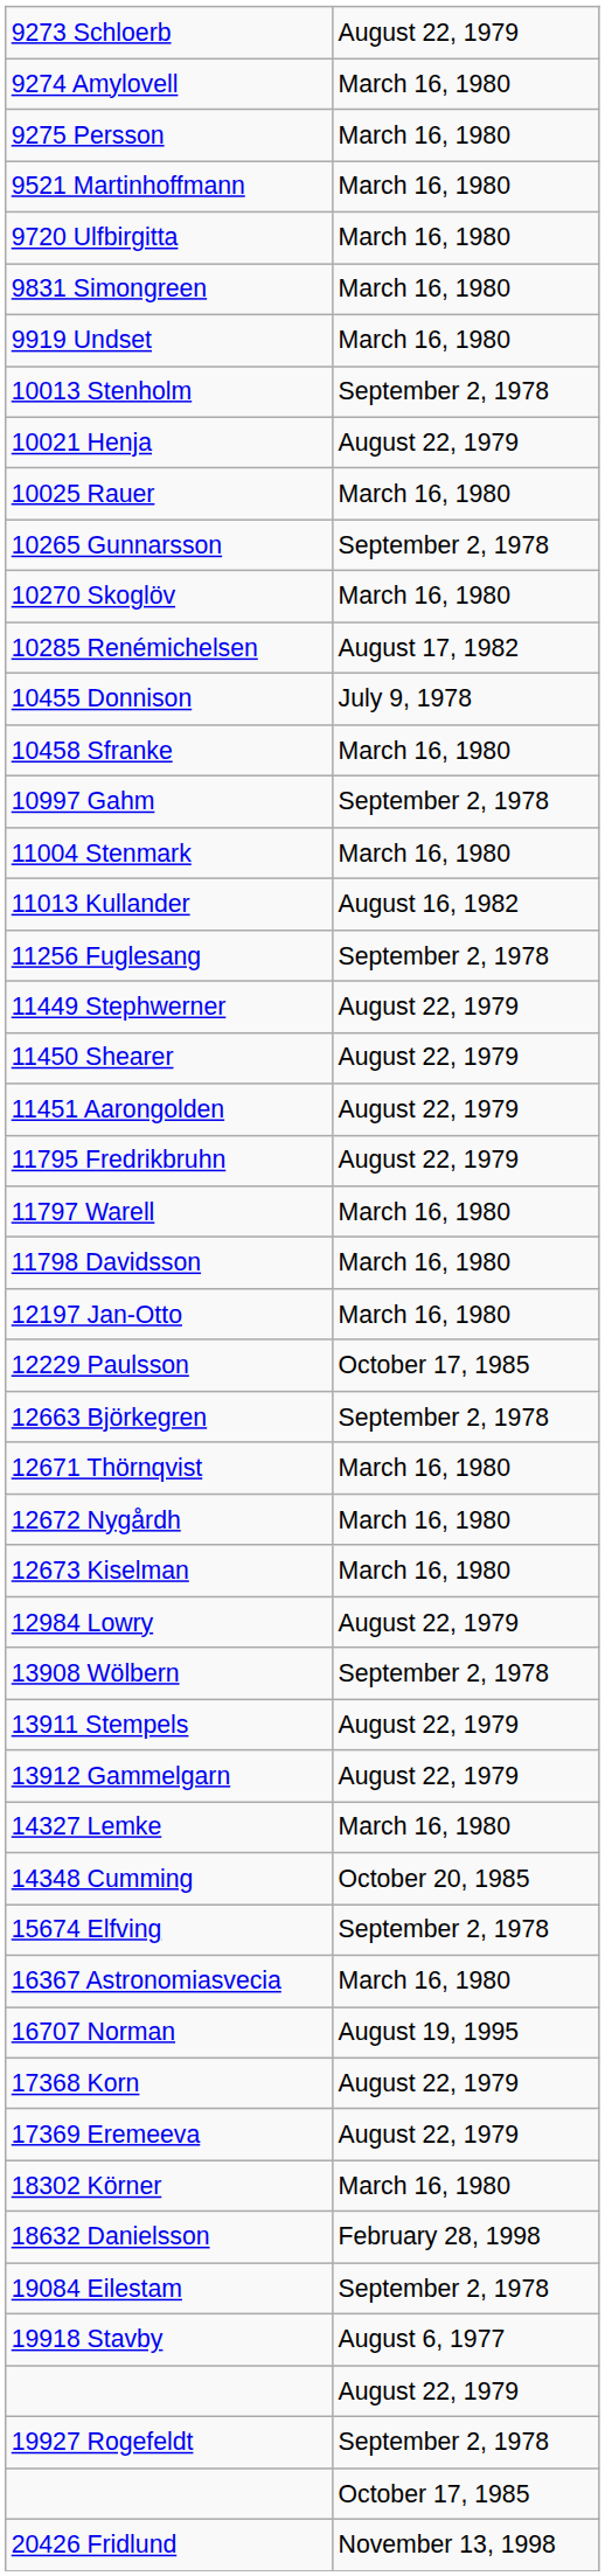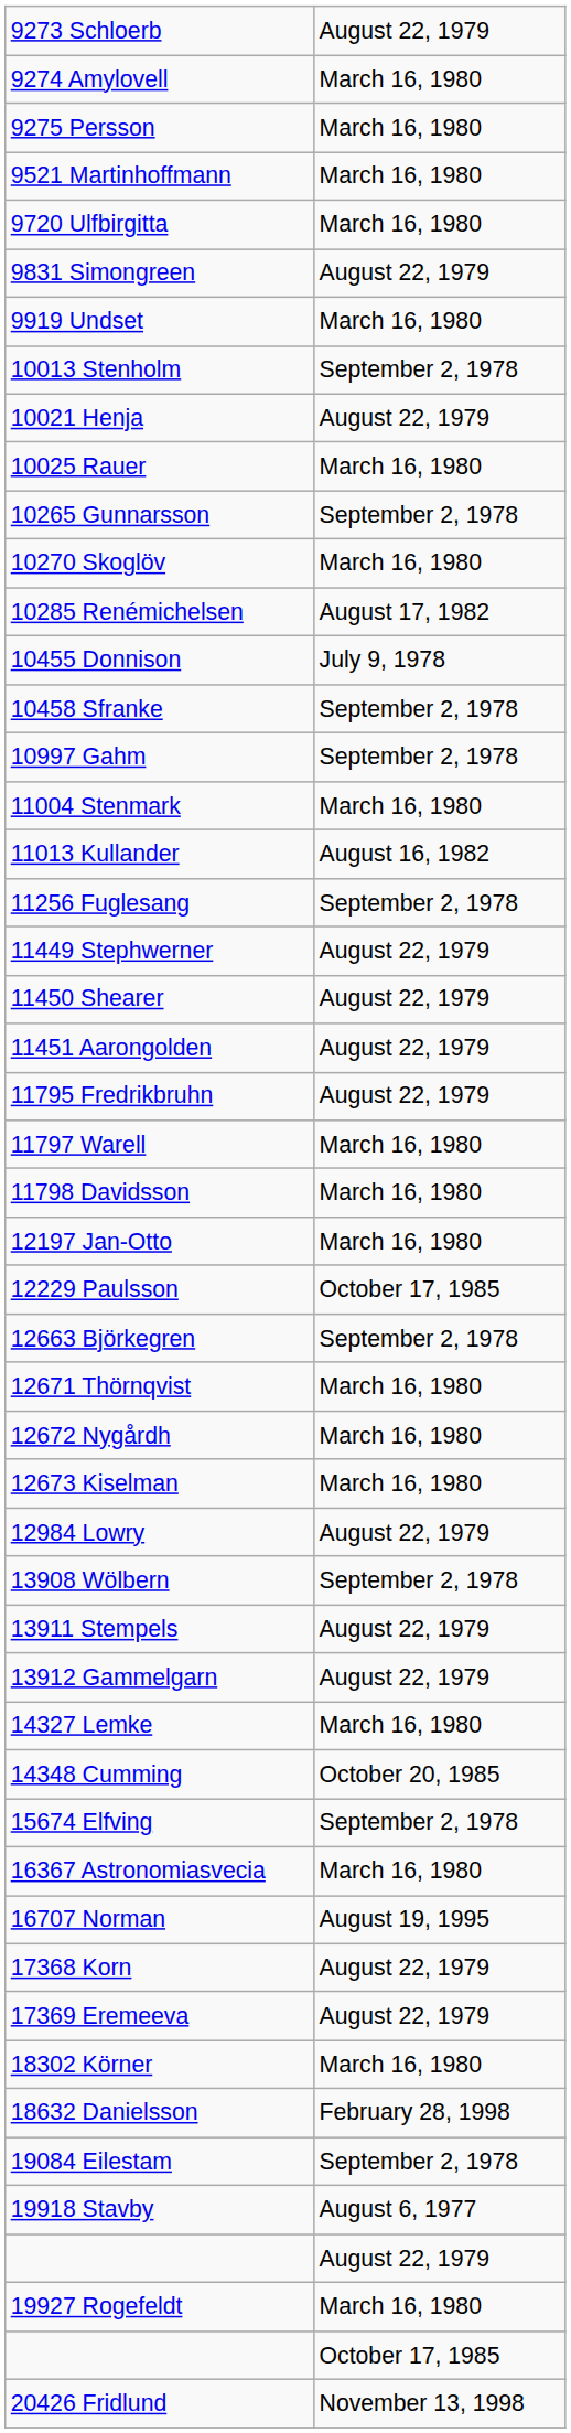 <table class="wikitable" style="font-size: 89%; float: left; width: 24em; margin-right: 1em; line-height: 1.6em !important; height: 1250px;">
 <tr>
 <td><a href='#'>9273 Schloerb</a></td>
 <td>August 22, 1979</td>
 </tr>
 <tr>
 <td><a href='#'>9274 Amylovell</a></td>
 <td>March 16, 1980</td>
 </tr>
 <tr>
 <td><a href='#'>9275 Persson</a></td>
 <td>March 16, 1980</td>
 </tr>
 <tr>
 <td><a href='#'>9521 Martinhoffmann</a></td>
 <td>March 16, 1980</td>
 </tr>
 <tr>
 <td><a href='#'>9720 Ulfbirgitta</a></td>
 <td>March 16, 1980</td>
 </tr>
 <tr>
 <td><a href='#'>9831 Simongreen</a></td>
-<td>March 16, 1980</td>
+<td>August 22, 1979</td>
 </tr>
 <tr>
 <td><a href='#'>9919 Undset</a></td>
 <td>March 16, 1980</td>
 </tr>
 <tr>
 <td><a href='#'>10013 Stenholm</a></td>
 <td>September 2, 1978</td>
 </tr>
 <tr>
 <td><a href='#'>10021 Henja</a></td>
 <td>August 22, 1979</td>
 </tr>
 <tr>
 <td><a href='#'>10025 Rauer</a></td>
 <td>March 16, 1980</td>
 </tr>
 <tr>
 <td><a href='#'>10265 Gunnarsson</a></td>
 <td>September 2, 1978</td>
 </tr>
 <tr>
 <td><a href='#'>10270 Skoglöv</a></td>
 <td>March 16, 1980</td>
 </tr>
 <tr>
 <td><a href='#'>10285 Renémichelsen</a></td>
 <td>August 17, 1982</td>
 </tr>
 <tr>
 <td><a href='#'>10455 Donnison</a></td>
 <td>July 9, 1978</td>
 </tr>
 <tr>
 <td><a href='#'>10458 Sfranke</a></td>
-<td>March 16, 1980</td>
+<td>September 2, 1978</td>
 </tr>
 <tr>
 <td><a href='#'>10997 Gahm</a></td>
 <td>September 2, 1978</td>
 </tr>
 <tr>
 <td><a href='#'>11004 Stenmark</a></td>
 <td>March 16, 1980</td>
 </tr>
 <tr>
 <td><a href='#'>11013 Kullander</a></td>
 <td>August 16, 1982</td>
 </tr>
 <tr>
 <td><a href='#'>11256 Fuglesang</a></td>
 <td>September 2, 1978</td>
 </tr>
 <tr>
 <td><a href='#'>11449 Stephwerner</a></td>
 <td>August 22, 1979</td>
 </tr>
 <tr>
 <td><a href='#'>11450 Shearer</a></td>
 <td>August 22, 1979</td>
 </tr>
 <tr>
 <td><a href='#'>11451 Aarongolden</a></td>
 <td>August 22, 1979</td>
 </tr>
 <tr>
 <td><a href='#'>11795 Fredrikbruhn</a></td>
 <td>August 22, 1979</td>
 </tr>
 <tr>
 <td><a href='#'>11797 Warell</a></td>
 <td>March 16, 1980</td>
 </tr>
 <tr>
 <td><a href='#'>11798 Davidsson</a></td>
 <td>March 16, 1980</td>
 </tr>
 <tr>
 <td><a href='#'>12197 Jan-Otto</a></td>
 <td>March 16, 1980</td>
 </tr>
 <tr>
 <td><a href='#'>12229 Paulsson</a></td>
 <td>October 17, 1985</td>
 </tr>
 <tr>
 <td><a href='#'>12663 Björkegren</a></td>
 <td>September 2, 1978</td>
 </tr>
 <tr>
 <td><a href='#'>12671 Thörnqvist</a></td>
 <td>March 16, 1980</td>
 </tr>
 <tr>
 <td><a href='#'>12672 Nygårdh</a></td>
 <td>March 16, 1980</td>
 </tr>
 <tr>
 <td><a href='#'>12673 Kiselman</a></td>
 <td>March 16, 1980</td>
 </tr>
 <tr>
 <td><a href='#'>12984 Lowry</a></td>
 <td>August 22, 1979</td>
 </tr>
 <tr>
 <td><a href='#'>13908 Wölbern</a></td>
 <td>September 2, 1978</td>
 </tr>
 <tr>
 <td><a href='#'>13911 Stempels</a></td>
 <td>August 22, 1979</td>
 </tr>
 <tr>
 <td><a href='#'>13912 Gammelgarn</a></td>
 <td>August 22, 1979</td>
 </tr>
 <tr>
 <td><a href='#'>14327 Lemke</a></td>
 <td>March 16, 1980</td>
 </tr>
 <tr>
 <td><a href='#'>14348 Cumming</a></td>
 <td>October 20, 1985</td>
 </tr>
 <tr>
 <td><a href='#'>15674 Elfving</a></td>
 <td>September 2, 1978</td>
 </tr>
 <tr>
 <td><a href='#'>16367 Astronomiasvecia</a></td>
 <td>March 16, 1980</td>
 </tr>
 <tr>
 <td><a href='#'>16707 Norman</a></td>
 <td>August 19, 1995</td>
 </tr>
 <tr>
 <td><a href='#'>17368 Korn</a></td>
 <td>August 22, 1979</td>
 </tr>
 <tr>
 <td><a href='#'>17369 Eremeeva</a></td>
 <td>August 22, 1979</td>
 </tr>
 <tr>
 <td><a href='#'>18302 Körner</a></td>
 <td>March 16, 1980</td>
 </tr>
 <tr>
 <td><a href='#'>18632 Danielsson</a></td>
 <td>February 28, 1998</td>
 </tr>
 <tr>
 <td><a href='#'>19084 Eilestam</a></td>
 <td>September 2, 1978</td>
 </tr>
 <tr>
 <td><a href='#'>19918 Stavby</a></td>
 <td>August 6, 1977</td>
 </tr>
 <tr>
 <td></td>
 <td>August 22, 1979</td>
 </tr>
 <tr>
 <td><a href='#'>19927 Rogefeldt</a></td>
-<td>September 2, 1978</td>
+<td>March 16, 1980</td>
 </tr>
 <tr>
 <td></td>
 <td>October 17, 1985</td>
 </tr>
 <tr>
 <td><a href='#'>20426 Fridlund</a></td>
 <td>November 13, 1998</td>
 </tr>
 </table>
